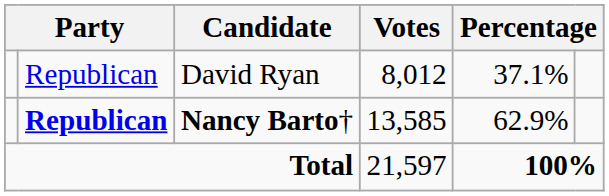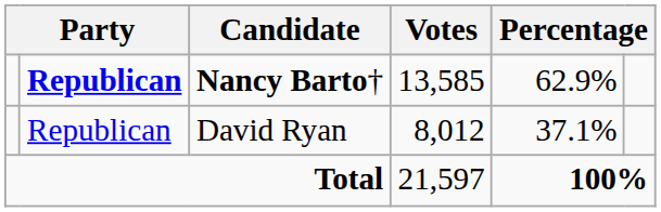 <table class="wikitable" style="text-align:right;">
 <tr style="background-color:#E9E9E9;text-align:center;">
 <th colspan=2>Party</th>
 <th>Candidate</th>
 <th>Votes</th>
 <th colspan=2>Percentage</th>
+</tr>
+<tr>
+<td style="background-color:"></td>
+<td style="text-align:left;"><strong><a href='#'>Republican</a></strong></td>
+<td style="text-align:left;"><strong>Nancy Barto</strong>†</td>
+<td style="text-align:right;">13,585</td>
+<td style="text-align:right;">62.9%</td>
+<td style="text-align:right;"><div><div> </div></div></td>
 </tr>
 <tr>
 <td style="background-color:"></td>
 <td style="text-align:left;"><a href='#'>Republican</a></td>
 <td style="text-align:left;">David Ryan</td>
 <td style="text-align:right;">8,012</td>
 <td style="text-align:right;">37.1%</td>
 <td style="text-align:right;"><div><div> </div></div></td>
 </tr>
 <tr>
-<td style="background-color:"></td>
-<td style="text-align:left;"><strong><a href='#'>Republican</a></strong></td>
-<td style="text-align:left;"><strong>Nancy Barto</strong>†</td>
-<td style="text-align:right;">13,585</td>
-<td style="text-align:right;">62.9%</td>
-<td style="text-align:right;"><div><div> </div></div></td>
-</tr>
-<tr>
 <td colspan="3" style="text-align:right;"><strong>Total</strong></td>
 <td style="text-align:right;">21,597</td>
 <td style="text-align:right;" colspan=2><strong>100%</strong></td>
 </tr>
 </table>
